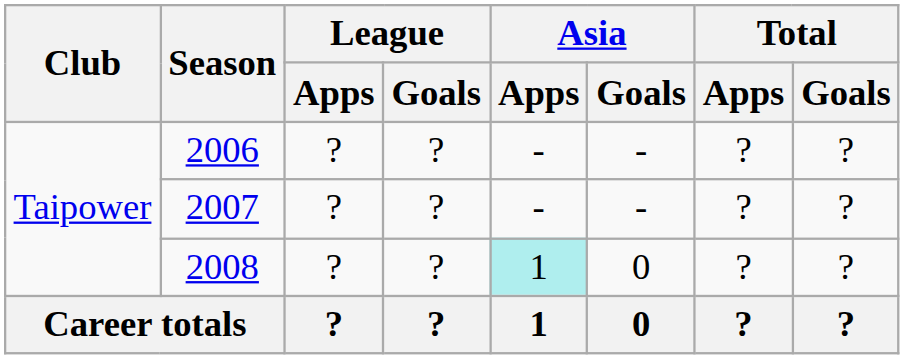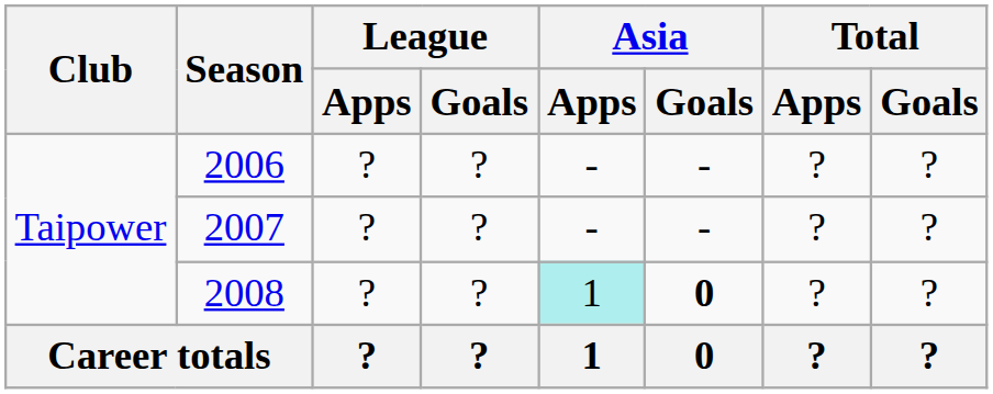 <table class="wikitable" style="text-align: center;">
 <tr>
 <th rowspan="2">Club</th>
 <th rowspan="2">Season</th>
 <th colspan="2">League</th>
 <th colspan="2"><a href='#'>Asia</a></th>
 <th colspan="2">Total</th>
 </tr>
 <tr>
 <th>Apps</th>
 <th>Goals</th>
 <th>Apps</th>
 <th>Goals</th>
 <th>Apps</th>
 <th>Goals</th>
 </tr>
 <tr>
 <td style="text-align: left;" rowspan="3"><a href='#'>Taipower</a></td>
 <td><a href='#'>2006</a></td>
 <td>?</td>
 <td>?</td>
 <td>-</td>
 <td>-</td>
 <td>?</td>
 <td>?</td>
 </tr>
 <tr>
 <td><a href='#'>2007</a></td>
 <td>?</td>
 <td>?</td>
 <td>-</td>
 <td>-</td>
 <td>?</td>
 <td>?</td>
 </tr>
 <tr>
 <td><a href='#'>2008</a></td>
 <td>?</td>
 <td>?</td>
 <td style="background: paleturquoise;">1</td>
-<td>0</td>
+<td><strong>0</strong></td>
 <td>?</td>
 <td>?</td>
 </tr>
 <tr>
 <th colspan="2">Career totals</th>
 <th>?</th>
 <th>?</th>
 <th>1</th>
 <th>0</th>
 <th>?</th>
 <th>?</th>
 </tr>
 </table>
